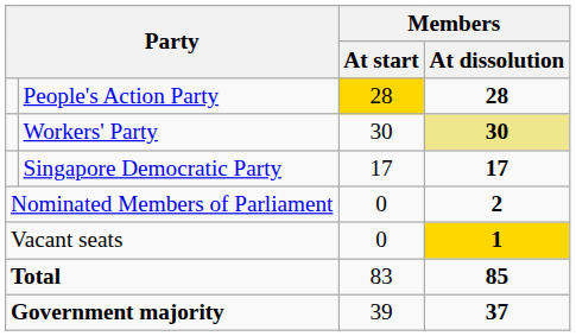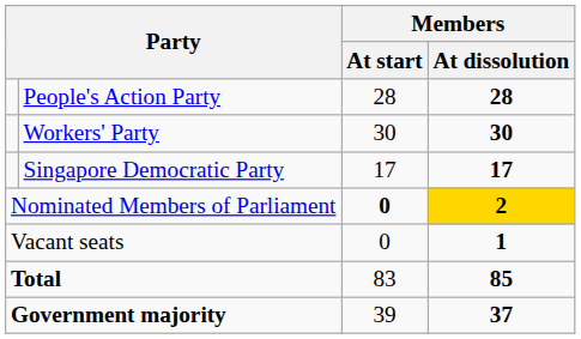 <table class="wikitable" border="1">
 <tr>
 <th colspan="2" rowspan="2">Party</th>
 <th colspan="2">Members</th>
 </tr>
 <tr>
 <th>At start</th>
 <th>At dissolution</th>
 </tr>
 <tr>
 <td></td>
 <td scope="row"><a href='#'>People's Action Party</a></td>
-<td align="center" style="background: gold;">28</td>
+<td align="center">28</td>
 <td align="center"><strong>28</strong></td>
 </tr>
 <tr>
 <td></td>
 <td scope="row"><a href='#'>Workers' Party</a></td>
 <td align="center">30</td>
-<td align="center" style="background: khaki;"><strong>30</strong></td>
+<td align="center"><strong>30</strong></td>
 </tr>
 <tr>
 <td></td>
 <td><a href='#'>Singapore Democratic Party</a></td>
 <td align="center">17</td>
 <td align="center"><strong>17</strong></td>
 </tr>
 <tr>
 <td colspan="2"><a href='#'>Nominated Members of Parliament</a></td>
-<td align="center">0</td>
-<td align="center"><strong>2</strong></td>
+<td align="center"><strong>0</strong></td>
+<td align="center" style="background: gold;"><strong>2</strong></td>
 </tr>
 <tr>
 <td colspan="2">Vacant seats</td>
 <td align="center">0</td>
-<td align="center" style="background: gold;"><strong>1</strong></td>
+<td align="center"><strong>1</strong></td>
 </tr>
 <tr>
 <td colspan="2"><strong>Total</strong></td>
 <td align="center">83</td>
 <td align="center"><strong>85</strong></td>
 </tr>
 <tr>
 <td colspan="2"><strong>Government majority</strong></td>
 <td align="center">39</td>
 <td align="center"><strong>37</strong></td>
 </tr>
 </table>
